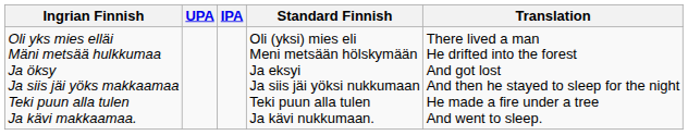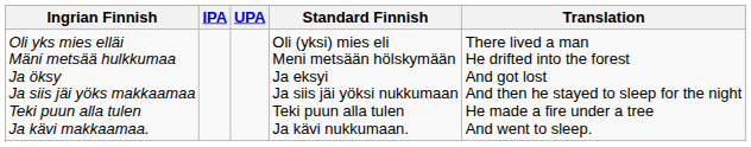 <table class="wikitable">
 <tr>
 <th>Ingrian Finnish</th>
+<th><a href='#'>IPA</a></th>
 <th><a href='#'>UPA</a></th>
-<th><a href='#'>IPA</a></th>
 <th>Standard Finnish</th>
 <th>Translation</th>
 </tr>
 <tr>
 <td><em>Oli yks mies elläi<br> Mäni metsää hulkkumaa<br> Ja öksy<br> Ja siis jäi yöks makkaamaa<br> Teki puun alla tulen<br> Ja kävi makkaamaa.</em></td>
 <td><br> <br> <br> <br> <br> </td>
 <td><br> <br> <br> <br> <br> </td>
 <td>Oli (yksi) mies eli<br> Meni metsään hölskymään<br> Ja eksyi<br> Ja siis jäi yöksi nukkumaan<br>Teki puun alla tulen<br>Ja kävi nukkumaan.</td>
 <td>There lived a man<br> He drifted into the forest<br> And got lost<br> And then he stayed to sleep for the night<br>He made a fire under a tree<br>And went to sleep.</td>
 </tr>
 </table>
